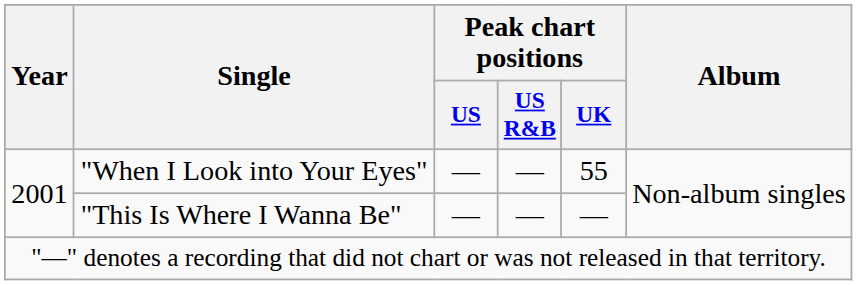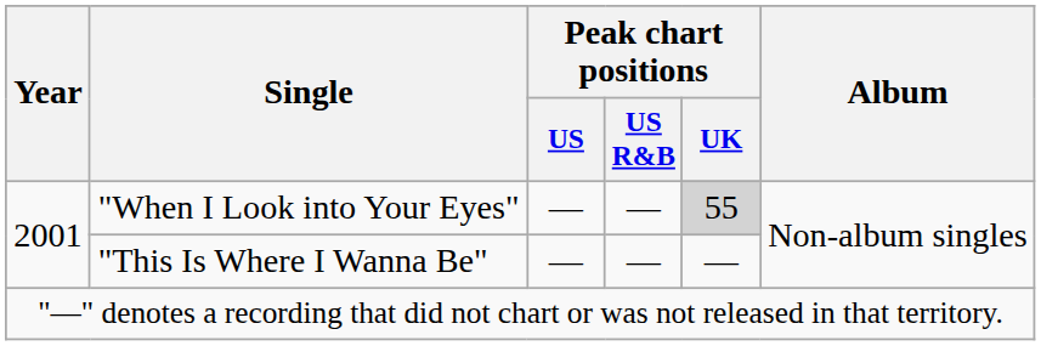 <table class="wikitable" style="text-align:center;">
 <tr>
 <th rowspan="2">Year</th>
 <th rowspan="2">Single</th>
 <th colspan="3">Peak chart positions</th>
 <th rowspan="2">Album</th>
 </tr>
 <tr style="font-size:smaller;">
 <th width="30"><a href='#'>US</a><br></th>
 <th width="30"><a href='#'>US<br>R&B</a><br></th>
 <th width="30"><a href='#'>UK</a><br></th>
 </tr>
 <tr>
 <td rowspan="2">2001</td>
 <td align="left">"When I Look into Your Eyes"</td>
 <td>—</td>
 <td>—</td>
-<td>55</td>
+<td style="background: lightgrey;">55</td>
 <td align="left" rowspan="2">Non-album singles</td>
 </tr>
 <tr>
 <td align="left">"This Is Where I Wanna Be"</td>
 <td>—</td>
 <td>—</td>
 <td>—</td>
 </tr>
 <tr>
 <td colspan="15" style="font-size:90%">"—" denotes a recording that did not chart or was not released in that territory.</td>
 </tr>
 </table>
